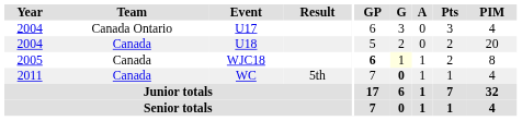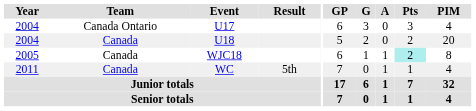 <table border="0" cellpadding="1" cellspacing="0" ID="Table3" style="text-align:center; width:40em;">
 <tr bgcolor="#e0e0e0">
 <th>Year</th>
 <th>Team</th>
 <th>Event</th>
 <th>Result</th>
 <th rowspan="99" bgcolor="#ffffff"></th>
 <th>GP</th>
 <th>G</th>
 <th>A</th>
 <th>Pts</th>
 <th>PIM</th>
 </tr>
 <tr>
 <td><a href='#'>2004</a></td>
 <td>Canada Ontario</td>
 <td><a href='#'>U17</a></td>
 <td></td>
 <td>6</td>
 <td>3</td>
 <td>0</td>
 <td>3</td>
 <td>4</td>
 </tr>
 <tr bgcolor="#f0f0f0">
 <td><a href='#'>2004</a></td>
 <td><a href='#'>Canada</a></td>
 <td><a href='#'>U18</a></td>
 <td></td>
 <td>5</td>
 <td>2</td>
 <td>0</td>
 <td>2</td>
 <td>20</td>
 </tr>
 <tr>
 <td><a href='#'>2005</a></td>
 <td>Canada</td>
 <td><a href='#'>WJC18</a></td>
 <td></td>
-<td><strong>6</strong></td>
-<td style="background: lightyellow;">1</td>
+<td>6</td>
 <td>1</td>
-<td>2</td>
+<td>1</td>
+<td style="background: paleturquoise;">2</td>
 <td>8</td>
 </tr>
 <tr bgcolor="#f0f0f0">
 <td><a href='#'>2011</a></td>
 <td><a href='#'>Canada</a></td>
 <td><a href='#'>WC</a></td>
 <td>5th</td>
 <td>7</td>
-<td><strong>0</strong></td>
+<td>0</td>
 <td>1</td>
 <td>1</td>
 <td>4</td>
 </tr>
 <tr bgcolor="#e0e0e0">
 <th colspan="4">Junior totals</th>
 <th>17</th>
 <th>6</th>
 <th>1</th>
 <th>7</th>
 <th>32</th>
 </tr>
 <tr bgcolor="#e0e0e0">
 <th colspan="4">Senior totals</th>
 <th>7</th>
 <th>0</th>
 <th>1</th>
 <th>1</th>
 <th>4</th>
 </tr>
 </table>
